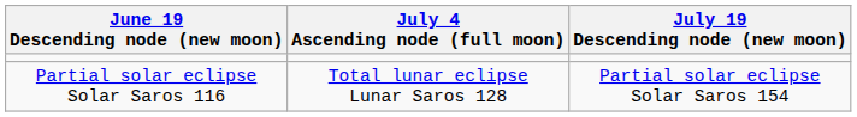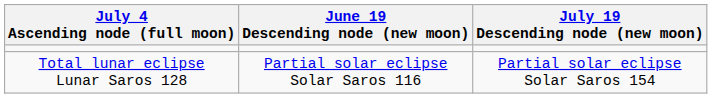 <table class="wikitable">
 <tr>
+<th><a href='#'>July 4</a><br>Ascending node (full moon)</th>
 <th><a href='#'>June 19</a><br>Descending node (new moon)</th>
-<th><a href='#'>July 4</a><br>Ascending node (full moon)</th>
 <th><a href='#'>July 19</a><br>Descending node (new moon)</th>
 </tr>
 <tr>
 <td></td>
 <td></td>
 <td></td>
 </tr>
 <tr align=center>
+<td><a href='#'>Total lunar eclipse</a><br>Lunar Saros 128</td>
 <td><a href='#'>Partial solar eclipse</a><br>Solar Saros 116</td>
-<td><a href='#'>Total lunar eclipse</a><br>Lunar Saros 128</td>
 <td><a href='#'>Partial solar eclipse</a><br>Solar Saros 154</td>
 </tr>
 </table>
